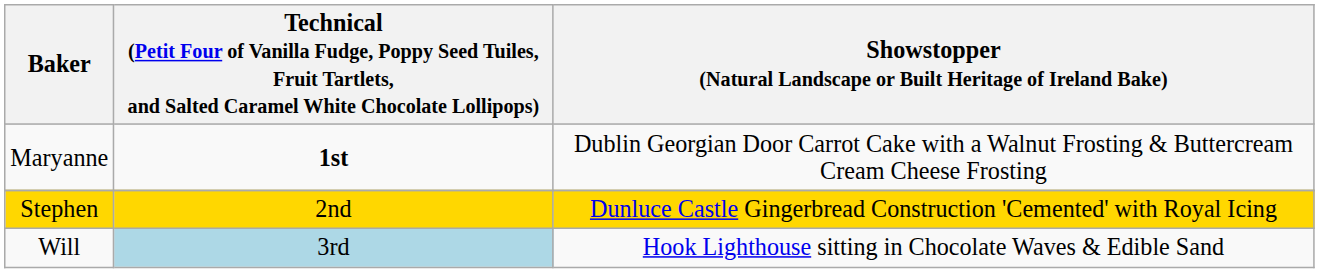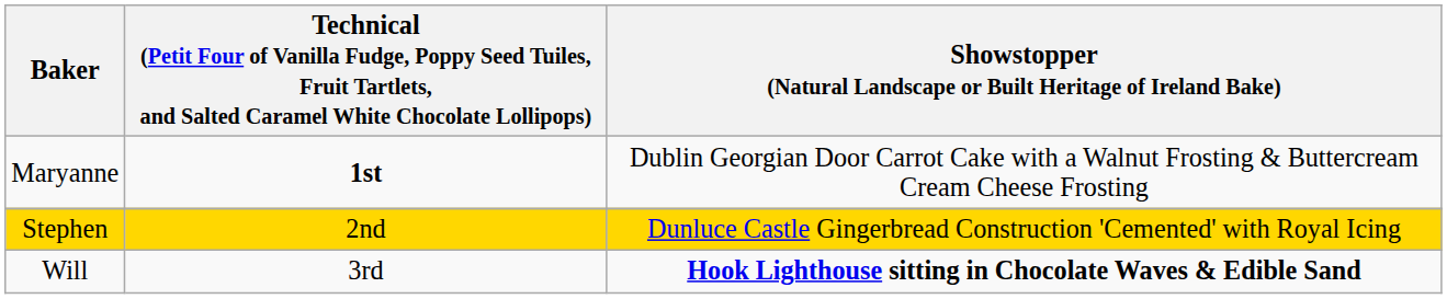 <table class="wikitable" style="text-align:center;">
 <tr>
 <th>Baker</th>
 <th>Technical<br><small>(<a href='#'>Petit Four</a> of Vanilla Fudge, Poppy Seed Tuiles, Fruit Tartlets,<br>and Salted Caramel White Chocolate Lollipops)</small></th>
 <th>Showstopper<br><small>(Natural Landscape or Built Heritage of Ireland Bake)</small></th>
 </tr>
 <tr>
 <td>Maryanne</td>
 <td><strong>1st</strong></td>
 <td>Dublin Georgian Door Carrot Cake with a Walnut Frosting & Buttercream Cream Cheese Frosting</td>
 </tr>
 <tr>
 </tr>
 <tr style="background:gold">
 <td>Stephen</td>
 <td>2nd</td>
 <td><a href='#'>Dunluce Castle</a> Gingerbread Construction 'Cemented' with Royal Icing</td>
 </tr>
 <tr>
 <td>Will</td>
-<td style="background: lightblue;">3rd</td>
-<td><a href='#'>Hook Lighthouse</a> sitting in Chocolate Waves & Edible Sand</td>
+<td>3rd</td>
+<td><strong><a href='#'>Hook Lighthouse</a> sitting in Chocolate Waves & Edible Sand</strong></td>
 </tr>
 </table>
